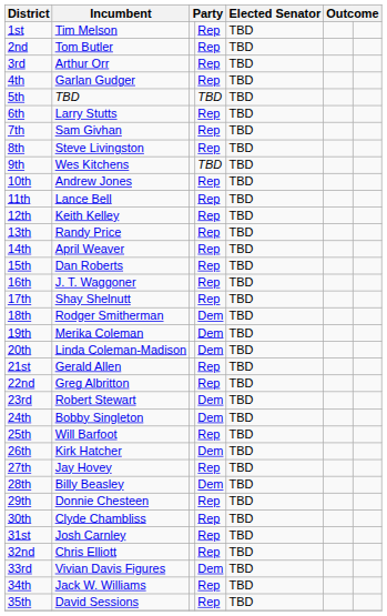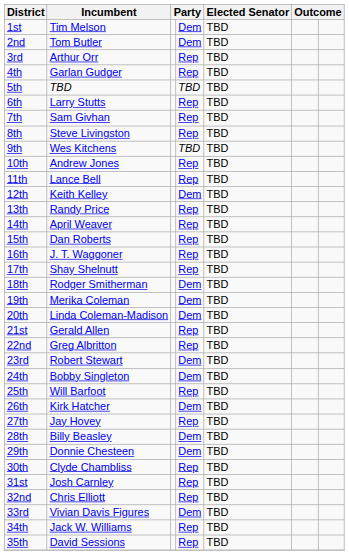 <table class="sortable wikitable" style="font-size:95%;line-height:14px;">
 <tr>
 <th>District</th>
 <th>Incumbent</th>
 <th colspan="2">Party</th>
 <th>Elected Senator</th>
 <th colspan="2">Outcome</th>
 </tr>
 <tr>
 <td><a href='#'>1st</a></td>
 <td><a href='#'>Tim Melson</a></td>
 <td style="background:"></td>
-<td><a href='#'>Rep</a></td>
+<td><a href='#'>Dem</a></td>
 <td>TBD</td>
 <td></td>
 <td></td>
 </tr>
 <tr>
 <td><a href='#'>2nd</a></td>
 <td><a href='#'>Tom Butler</a></td>
 <td style="background:"></td>
-<td><a href='#'>Rep</a></td>
+<td><a href='#'>Dem</a></td>
 <td>TBD</td>
 <td></td>
 <td></td>
 </tr>
 <tr>
 <td><a href='#'>3rd</a></td>
 <td><a href='#'>Arthur Orr</a></td>
 <td style="background:"></td>
 <td><a href='#'>Rep</a></td>
 <td>TBD</td>
 <td></td>
 <td></td>
 </tr>
 <tr>
 <td><a href='#'>4th</a></td>
 <td><a href='#'>Garlan Gudger</a></td>
 <td style="background:"></td>
 <td><a href='#'>Rep</a></td>
 <td>TBD</td>
 <td></td>
 <td></td>
 </tr>
 <tr>
 <td><a href='#'>5th</a></td>
 <td><em>TBD</em></td>
 <td></td>
 <td><em>TBD</em></td>
 <td>TBD</td>
 <td></td>
 <td></td>
 </tr>
 <tr>
 <td><a href='#'>6th</a></td>
 <td><a href='#'>Larry Stutts</a></td>
 <td style="background:"></td>
 <td><a href='#'>Rep</a></td>
 <td>TBD</td>
 <td></td>
 <td></td>
 </tr>
 <tr>
 <td><a href='#'>7th</a></td>
 <td><a href='#'>Sam Givhan</a></td>
 <td style="background:"></td>
 <td><a href='#'>Rep</a></td>
 <td>TBD</td>
 <td></td>
 <td></td>
 </tr>
 <tr>
 <td><a href='#'>8th</a></td>
 <td><a href='#'>Steve Livingston</a></td>
 <td style="background:"></td>
 <td><a href='#'>Rep</a></td>
 <td>TBD</td>
 <td></td>
 <td></td>
 </tr>
 <tr>
 <td><a href='#'>9th</a></td>
 <td><a href='#'>Wes Kitchens</a></td>
 <td style="background:"></td>
 <td><em>TBD</em></td>
 <td>TBD</td>
 <td></td>
 <td></td>
 </tr>
 <tr>
 <td><a href='#'>10th</a></td>
 <td><a href='#'>Andrew Jones</a></td>
 <td style="background:"></td>
 <td><a href='#'>Rep</a></td>
 <td>TBD</td>
 <td></td>
 <td></td>
 </tr>
 <tr>
 <td><a href='#'>11th</a></td>
 <td><a href='#'>Lance Bell</a></td>
 <td style="background:"></td>
 <td><a href='#'>Rep</a></td>
 <td>TBD</td>
 <td></td>
 <td></td>
 </tr>
 <tr>
 <td><a href='#'>12th</a></td>
 <td><a href='#'>Keith Kelley</a></td>
 <td style="background:"></td>
-<td><a href='#'>Rep</a></td>
+<td><a href='#'>Dem</a></td>
 <td>TBD</td>
 <td></td>
 <td></td>
 </tr>
 <tr>
 <td><a href='#'>13th</a></td>
 <td><a href='#'>Randy Price</a></td>
 <td style="background:"></td>
 <td><a href='#'>Rep</a></td>
 <td>TBD</td>
 <td></td>
 <td></td>
 </tr>
 <tr>
 <td><a href='#'>14th</a></td>
 <td><a href='#'>April Weaver</a></td>
 <td style="background:"></td>
 <td><a href='#'>Rep</a></td>
 <td>TBD</td>
 <td></td>
 <td></td>
 </tr>
 <tr>
 <td><a href='#'>15th</a></td>
 <td><a href='#'>Dan Roberts</a></td>
 <td style="background:"></td>
 <td><a href='#'>Rep</a></td>
 <td>TBD</td>
 <td></td>
 <td></td>
 </tr>
 <tr>
 <td><a href='#'>16th</a></td>
 <td><a href='#'>J. T. Waggoner</a></td>
 <td style="background:"></td>
 <td><a href='#'>Rep</a></td>
 <td>TBD</td>
 <td></td>
 <td></td>
 </tr>
 <tr>
 <td><a href='#'>17th</a></td>
 <td><a href='#'>Shay Shelnutt</a></td>
 <td style="background:"></td>
 <td><a href='#'>Rep</a></td>
 <td>TBD</td>
 <td></td>
 <td></td>
 </tr>
 <tr>
 <td><a href='#'>18th</a></td>
 <td><a href='#'>Rodger Smitherman</a></td>
 <td style="background:"></td>
 <td><a href='#'>Dem</a></td>
 <td>TBD</td>
 <td></td>
 <td></td>
 </tr>
 <tr>
 <td><a href='#'>19th</a></td>
 <td><a href='#'>Merika Coleman</a></td>
 <td style="background:"></td>
 <td><a href='#'>Dem</a></td>
 <td>TBD</td>
 <td></td>
 <td></td>
 </tr>
 <tr>
 <td><a href='#'>20th</a></td>
 <td><a href='#'>Linda Coleman-Madison</a></td>
 <td style="background:"></td>
 <td><a href='#'>Dem</a></td>
 <td>TBD</td>
 <td></td>
 <td></td>
 </tr>
 <tr>
 <td><a href='#'>21st</a></td>
 <td><a href='#'>Gerald Allen</a></td>
 <td style="background:"></td>
 <td><a href='#'>Rep</a></td>
 <td>TBD</td>
 <td></td>
 <td></td>
 </tr>
 <tr>
 <td><a href='#'>22nd</a></td>
 <td><a href='#'>Greg Albritton</a></td>
 <td style="background:"></td>
 <td><a href='#'>Rep</a></td>
 <td>TBD</td>
 <td></td>
 <td></td>
 </tr>
 <tr>
 <td><a href='#'>23rd</a></td>
 <td><a href='#'>Robert Stewart</a></td>
 <td style="background:"></td>
 <td><a href='#'>Dem</a></td>
 <td>TBD</td>
 <td></td>
 <td></td>
 </tr>
 <tr>
 <td><a href='#'>24th</a></td>
 <td><a href='#'>Bobby Singleton</a></td>
 <td style="background:"></td>
 <td><a href='#'>Dem</a></td>
 <td>TBD</td>
 <td></td>
 <td></td>
 </tr>
 <tr>
 <td><a href='#'>25th</a></td>
 <td><a href='#'>Will Barfoot</a></td>
 <td style="background:"></td>
 <td><a href='#'>Rep</a></td>
 <td>TBD</td>
 <td></td>
 <td></td>
 </tr>
 <tr>
 <td><a href='#'>26th</a></td>
 <td><a href='#'>Kirk Hatcher</a></td>
 <td style="background:"></td>
 <td><a href='#'>Dem</a></td>
 <td>TBD</td>
 <td></td>
 <td></td>
 </tr>
 <tr>
 <td><a href='#'>27th</a></td>
 <td><a href='#'>Jay Hovey</a></td>
 <td style="background:"></td>
 <td><a href='#'>Rep</a></td>
 <td>TBD</td>
 <td></td>
 <td></td>
 </tr>
 <tr>
 <td><a href='#'>28th</a></td>
 <td><a href='#'>Billy Beasley</a></td>
 <td style="background:"></td>
 <td><a href='#'>Dem</a></td>
 <td>TBD</td>
 <td></td>
 <td></td>
 </tr>
 <tr>
 <td><a href='#'>29th</a></td>
 <td><a href='#'>Donnie Chesteen</a></td>
 <td style="background:"></td>
-<td><a href='#'>Rep</a></td>
+<td><a href='#'>Dem</a></td>
 <td>TBD</td>
 <td></td>
 <td></td>
 </tr>
 <tr>
 <td><a href='#'>30th</a></td>
 <td><a href='#'>Clyde Chambliss</a></td>
 <td style="background:"></td>
 <td><a href='#'>Rep</a></td>
 <td>TBD</td>
 <td></td>
 <td></td>
 </tr>
 <tr>
 <td><a href='#'>31st</a></td>
 <td><a href='#'>Josh Carnley</a></td>
 <td style="background:"></td>
 <td><a href='#'>Rep</a></td>
 <td>TBD</td>
 <td></td>
 <td></td>
 </tr>
 <tr>
 <td><a href='#'>32nd</a></td>
 <td><a href='#'>Chris Elliott</a></td>
 <td style="background:"></td>
 <td><a href='#'>Rep</a></td>
 <td>TBD</td>
 <td></td>
 <td></td>
 </tr>
 <tr>
 <td><a href='#'>33rd</a></td>
 <td><a href='#'>Vivian Davis Figures</a></td>
 <td style="background:"></td>
 <td><a href='#'>Dem</a></td>
 <td>TBD</td>
 <td></td>
 <td></td>
 </tr>
 <tr>
 <td><a href='#'>34th</a></td>
 <td><a href='#'>Jack W. Williams</a></td>
 <td style="background:"></td>
 <td><a href='#'>Rep</a></td>
 <td>TBD</td>
 <td></td>
 <td></td>
 </tr>
 <tr>
 <td><a href='#'>35th</a></td>
 <td><a href='#'>David Sessions</a></td>
 <td style="background:"></td>
 <td><a href='#'>Rep</a></td>
 <td>TBD</td>
 <td></td>
 <td></td>
 </tr>
 <tr>
 </tr>
 </table>
